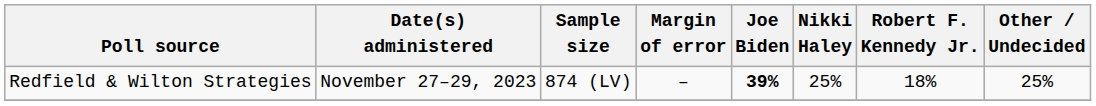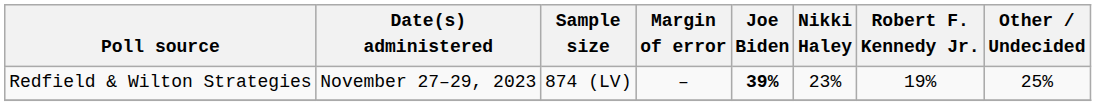 <table class="wikitable sortable mw-datatable" style="font-size:90%;text-align:center;line-height:17px">
 <tr style="vertical-align:bottom">
 <th>Poll source</th>
 <th>Date(s)<br>administered</th>
 <th>Sample<br>size</th>
 <th>Margin<br>of error</th>
 <th class="unsortable">Joe<br>Biden<br></th>
 <th class="unsortable">Nikki<br>Haley<br></th>
 <th class="unsortable">Robert F.<br>Kennedy Jr.<br></th>
 <th class="unsortable">Other /<br>Undecided</th>
 </tr>
 <tr>
 <td style="text-align:left;">Redfield & Wilton Strategies</td>
 <td data-sort-value="2023-12-05">November 27–29, 2023</td>
 <td>874 (LV)</td>
 <td>–</td>
 <td style="color:black;background-color:"><strong>39%</strong></td>
-<td>25%</td>
-<td>18%</td>
+<td>23%</td>
+<td>19%</td>
 <td>25%</td>
 </tr>
 <tr>
 </tr>
 </table>
